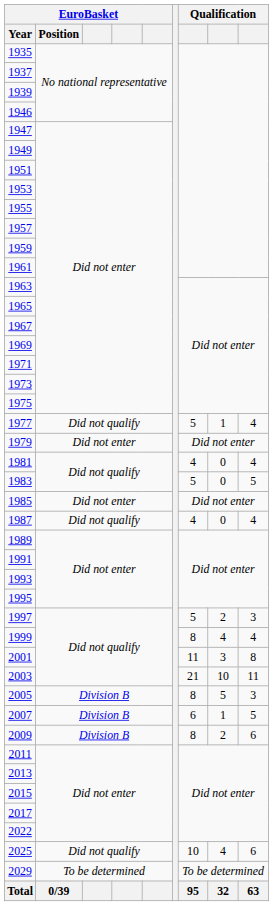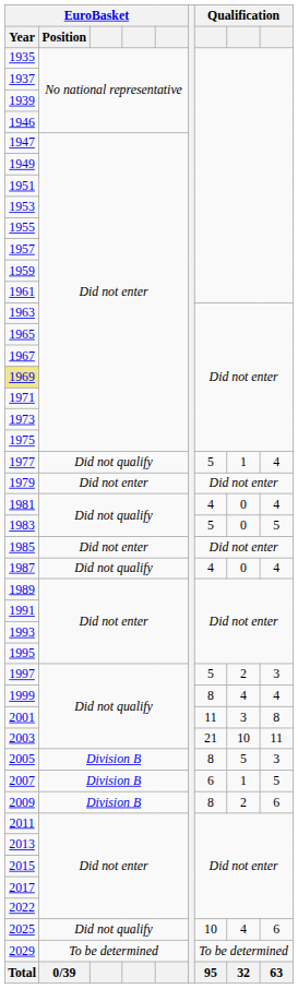 <table class="wikitable" style="text-align: center;font-size:90%;">
 <tr>
 <th colspan=5><a href='#'>EuroBasket</a></th>
 <th rowspan=46></th>
 <th colspan=3>Qualification</th>
 </tr>
 <tr>
 <th>Year</th>
 <th>Position</th>
 <th width=30></th>
 <th width=30></th>
 <th width=30></th>
 <th width=30></th>
 <th width=30></th>
 <th width=30></th>
 </tr>
 <tr>
 <td> <a href='#'>1935</a></td>
 <td colspan=4 rowspan=4><em>No national representative</em></td>
 </tr>
 <tr>
 <td> <a href='#'>1937</a></td>
 </tr>
 <tr>
 <td> <a href='#'>1939</a></td>
 </tr>
 <tr>
 <td> <a href='#'>1946</a></td>
 </tr>
 <tr>
 <td> <a href='#'>1947</a></td>
 <td colspan=4 rowspan=15><em>Did not enter</em></td>
 </tr>
 <tr>
 <td> <a href='#'>1949</a></td>
 </tr>
 <tr>
 <td> <a href='#'>1951</a></td>
 </tr>
 <tr>
 <td> <a href='#'>1953</a></td>
 </tr>
 <tr>
 <td> <a href='#'>1955</a></td>
 </tr>
 <tr>
 <td> <a href='#'>1957</a></td>
 </tr>
 <tr>
 <td> <a href='#'>1959</a></td>
 </tr>
 <tr>
 <td> <a href='#'>1961</a></td>
 </tr>
 <tr>
 <td> <a href='#'>1963</a></td>
 <td colspan=3 rowspan=7><em>Did not enter</em></td>
 </tr>
 <tr>
 <td> <a href='#'>1965</a></td>
 </tr>
 <tr>
 <td> <a href='#'>1967</a></td>
 </tr>
 <tr>
-<td> <a href='#'>1969</a></td>
+<td style="background: khaki;"> <a href='#'>1969</a></td>
 </tr>
 <tr>
 <td> <a href='#'>1971</a></td>
 </tr>
 <tr>
 <td> <a href='#'>1973</a></td>
 </tr>
 <tr>
 <td> <a href='#'>1975</a></td>
 </tr>
 <tr>
 <td> <a href='#'>1977</a></td>
 <td colspan=4><em>Did not qualify</em></td>
 <td>5</td>
 <td>1</td>
 <td>4</td>
 </tr>
 <tr>
 <td> <a href='#'>1979</a></td>
 <td colspan=4><em>Did not enter</em></td>
 <td colspan=3><em>Did not enter</em></td>
 </tr>
 <tr>
 <td> <a href='#'>1981</a></td>
 <td colspan=4 rowspan=2><em>Did not qualify</em></td>
 <td>4</td>
 <td>0</td>
 <td>4</td>
 </tr>
 <tr>
 <td> <a href='#'>1983</a></td>
 <td>5</td>
 <td>0</td>
 <td>5</td>
 </tr>
 <tr>
 <td> <a href='#'>1985</a></td>
 <td colspan=4><em>Did not enter</em></td>
 <td colspan=3><em>Did not enter</em></td>
 </tr>
 <tr>
 <td> <a href='#'>1987</a></td>
 <td colspan=4><em>Did not qualify</em></td>
 <td>4</td>
 <td>0</td>
 <td>4</td>
 </tr>
 <tr>
 <td> <a href='#'>1989</a></td>
 <td colspan=4 rowspan=4><em>Did not enter</em></td>
 <td colspan=3 rowspan=4><em>Did not enter</em></td>
 </tr>
 <tr>
 <td> <a href='#'>1991</a></td>
 </tr>
 <tr>
 <td> <a href='#'>1993</a></td>
 </tr>
 <tr>
 <td> <a href='#'>1995</a></td>
 </tr>
 <tr>
 <td> <a href='#'>1997</a></td>
 <td colspan=4 rowspan=4><em>Did not qualify</em></td>
 <td>5</td>
 <td>2</td>
 <td>3</td>
 </tr>
 <tr>
 <td> <a href='#'>1999</a></td>
 <td>8</td>
 <td>4</td>
 <td>4</td>
 </tr>
 <tr>
 <td> <a href='#'>2001</a></td>
 <td>11</td>
 <td>3</td>
 <td>8</td>
 </tr>
 <tr>
 <td> <a href='#'>2003</a></td>
 <td>21</td>
 <td>10</td>
 <td>11</td>
 </tr>
 <tr>
 <td> <a href='#'>2005</a></td>
 <td colspan=4><em><a href='#'>Division B</a></em></td>
 <td>8</td>
 <td>5</td>
 <td>3</td>
 </tr>
 <tr>
 <td> <a href='#'>2007</a></td>
 <td colspan=4><em><a href='#'>Division B</a></em></td>
 <td>6</td>
 <td>1</td>
 <td>5</td>
 </tr>
 <tr>
 <td> <a href='#'>2009</a></td>
 <td colspan=4><em><a href='#'>Division B</a></em></td>
 <td>8</td>
 <td>2</td>
 <td>6</td>
 </tr>
 <tr>
 <td> <a href='#'>2011</a></td>
 <td colspan=4 rowspan=5><em>Did not enter</em></td>
 <td colspan=3 rowspan=5><em>Did not enter</em></td>
 </tr>
 <tr>
 <td> <a href='#'>2013</a></td>
 </tr>
 <tr>
 <td> <a href='#'>2015</a></td>
 </tr>
 <tr>
 <td> <a href='#'>2017</a></td>
 </tr>
 <tr>
 <td> <a href='#'>2022</a></td>
 </tr>
 <tr>
 <td> <a href='#'>2025</a></td>
 <td colspan=4><em>Did not qualify</em></td>
 <td>10</td>
 <td>4</td>
 <td>6</td>
 </tr>
 <tr>
 <td> <a href='#'>2029</a></td>
 <td colspan=4><em>To be determined</em></td>
 <td colspan=3><em>To be determined</em></td>
 </tr>
 <tr>
 <th>Total</th>
 <th>0/39</th>
 <th></th>
 <th></th>
 <th></th>
 <th>95</th>
 <th>32</th>
 <th>63</th>
 </tr>
 </table>
